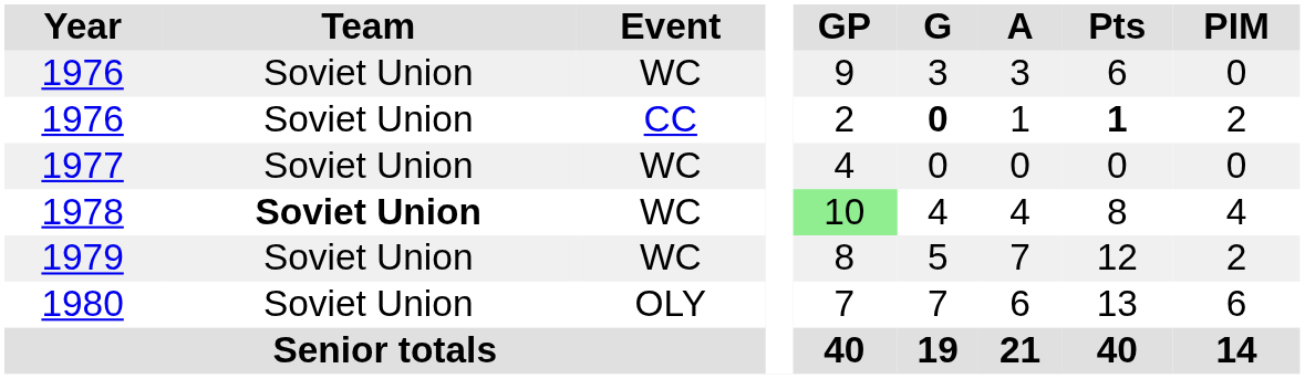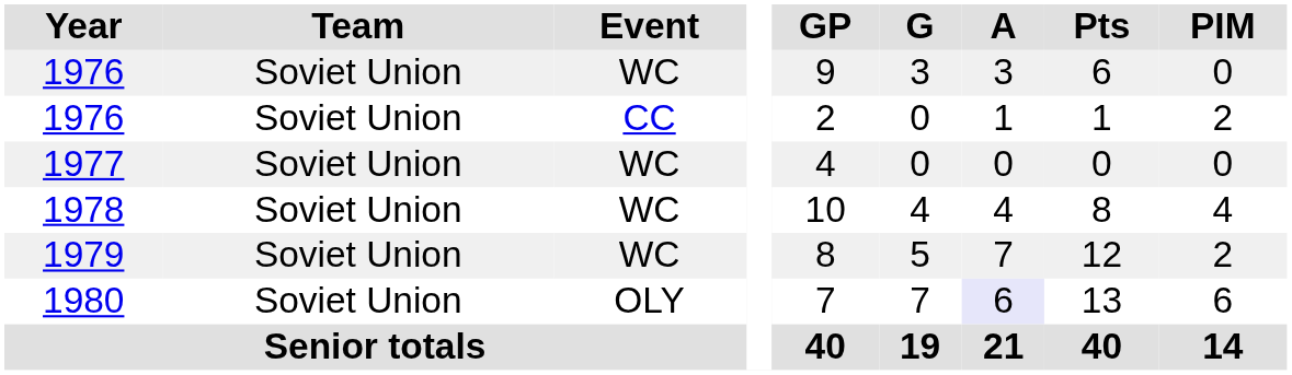 <table border="0" cellpadding="1" cellspacing="0" style="text-align:center; width:35em">
 <tr ALIGN="center" bgcolor="#e0e0e0">
 <th>Year</th>
 <th>Team</th>
 <th>Event</th>
 <th rowspan="99" bgcolor="#ffffff"> </th>
 <th>GP</th>
 <th>G</th>
 <th>A</th>
 <th>Pts</th>
 <th>PIM</th>
 </tr>
 <tr bgcolor="#f0f0f0">
 <td><a href='#'>1976</a></td>
 <td>Soviet Union</td>
 <td>WC</td>
 <td>9</td>
 <td>3</td>
 <td>3</td>
 <td>6</td>
 <td>0</td>
 </tr>
 <tr>
 <td><a href='#'>1976</a></td>
 <td>Soviet Union</td>
 <td><a href='#'>CC</a></td>
 <td>2</td>
-<td><strong>0</strong></td>
+<td>0</td>
 <td>1</td>
-<td><strong>1</strong></td>
+<td>1</td>
 <td>2</td>
 </tr>
 <tr bgcolor="#f0f0f0">
 <td><a href='#'>1977</a></td>
 <td>Soviet Union</td>
 <td>WC</td>
 <td>4</td>
 <td>0</td>
 <td>0</td>
 <td>0</td>
 <td>0</td>
 </tr>
 <tr>
 <td><a href='#'>1978</a></td>
-<td><strong>Soviet Union</strong></td>
+<td>Soviet Union</td>
 <td>WC</td>
-<td style="background: lightgreen;">10</td>
+<td>10</td>
 <td>4</td>
 <td>4</td>
 <td>8</td>
 <td>4</td>
 </tr>
 <tr bgcolor="#f0f0f0">
 <td><a href='#'>1979</a></td>
 <td>Soviet Union</td>
 <td>WC</td>
 <td>8</td>
 <td>5</td>
 <td>7</td>
 <td>12</td>
 <td>2</td>
 </tr>
 <tr>
 <td><a href='#'>1980</a></td>
 <td>Soviet Union</td>
 <td>OLY</td>
 <td>7</td>
 <td>7</td>
-<td>6</td>
+<td style="background: lavender;">6</td>
 <td>13</td>
 <td>6</td>
 </tr>
 <tr bgcolor="#e0e0e0">
 <th colspan=3>Senior totals</th>
 <th>40</th>
 <th>19</th>
 <th>21</th>
 <th>40</th>
 <th>14</th>
 </tr>
 </table>
